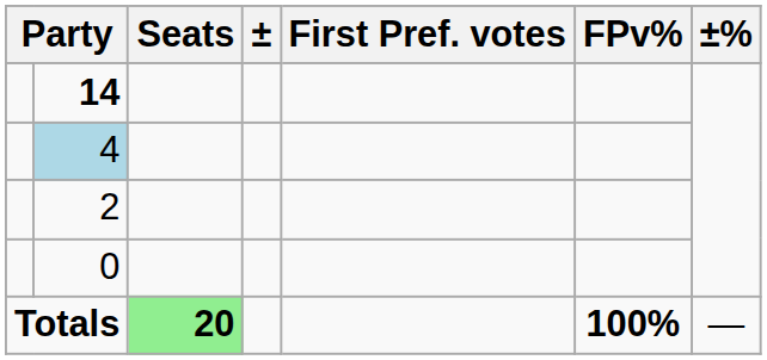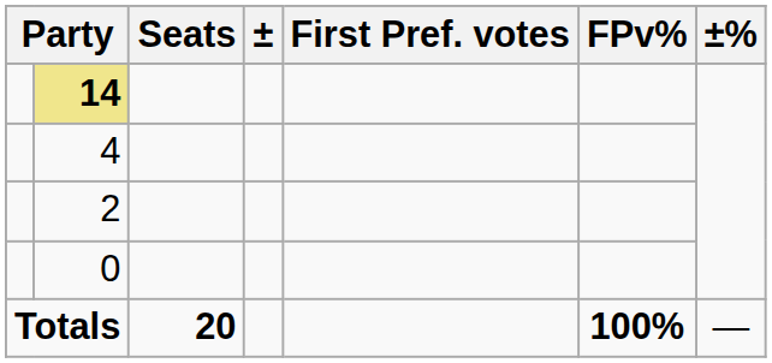 <table class=wikitable>
 <tr>
 <th colspan=2 align=center>Party</th>
 <th valign=top>Seats</th>
 <th valign=top>±</th>
 <th valign=top>First Pref. votes</th>
 <th valign=top>FPv%</th>
 <th valign=top>±%</th>
 </tr>
 <tr>
 <td></td>
-<td align=right><strong>14</strong></td>
+<td align=right style="background: khaki;"><strong>14</strong></td>
 <td align=right></td>
 <td align=right></td>
 <td align=right></td>
 <td align=right></td>
 </tr>
 <tr>
 <td></td>
-<td align=right style="background: lightblue;">4</td>
+<td align=right>4</td>
 <td align=right></td>
 <td align=right></td>
 <td align=right></td>
 <td align=right></td>
 </tr>
 <tr>
 <td></td>
 <td align=right>2</td>
 <td align=right></td>
 <td align=right></td>
 <td align=right></td>
 <td align=right></td>
 </tr>
 <tr>
 <td></td>
 <td align=right>0</td>
 <td align=right></td>
 <td align=right></td>
 <td align=right></td>
 <td align=right></td>
 </tr>
 <tr>
 <td colspan=2 align=center><strong>Totals</strong></td>
-<td align=right style="background: lightgreen;"><strong>20</strong></td>
+<td align=right><strong>20</strong></td>
 <td align=center></td>
 <td align=right></td>
 <td align=center><strong>100%</strong></td>
 <td align=center>—</td>
 </tr>
 </table>
